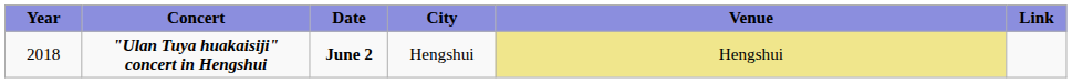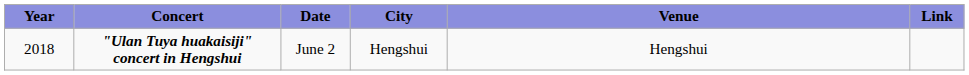 <table class="wikitable sortable mw-collapsible" width="80%" style="text-align:center">
 <tr align="center" style="background:#8B8EDE">
 <td style="width:2%"><strong>Year</strong></td>
 <td style="width:8%"><strong>Concert</strong></td>
 <td style="width:2%"><strong>Date</strong></td>
 <td style="width:2%"><strong>City</strong></td>
 <td style="width:18%"><strong>Venue</strong></td>
 <td style="width:1%"><strong>Link</strong></td>
 </tr>
 <tr>
 <td rowspan="2">2018</td>
 <td rowspan="2"><strong><em>"Ulan Tuya huakaisiji" concert in Hengshui</em></strong></td>
-<td><strong>June 2</strong></td>
+<td>June 2</td>
 <td>Hengshui</td>
-<td style="background: khaki;">Hengshui</td>
+<td>Hengshui</td>
 <td></td>
 </tr>
 </table>
